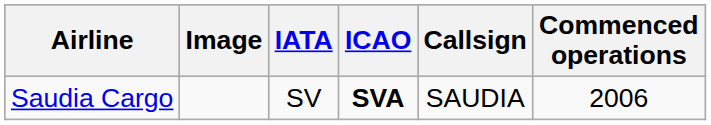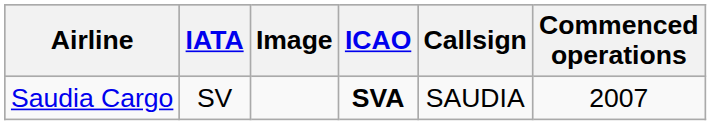 <table class="wikitable sortable" style="text-align:center;">
 <tr valign="middle">
 <th>Airline</th>
+<th><a href='#'>IATA</a></th>
 <th>Image</th>
-<th><a href='#'>IATA</a></th>
 <th><a href='#'>ICAO</a></th>
 <th>Callsign</th>
 <th>Commenced<br>operations</th>
 </tr>
 <tr>
 <td><a href='#'>Saudia Cargo</a></td>
+<td>SV</td>
 <td></td>
-<td>SV</td>
 <td><strong>SVA</strong></td>
 <td>SAUDIA</td>
-<td>2006</td>
+<td>2007</td>
 </tr>
 </table>
